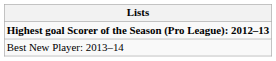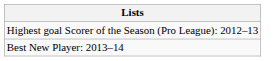 <table class="wikitable">
 <tr>
 <th>Lists</th>
 </tr>
 <tr>
-<td><strong>Highest goal Scorer of the Season (Pro League): 2012–13</strong></td>
+<td>Highest goal Scorer of the Season (Pro League): 2012–13</td>
 </tr>
 <tr>
 <td>Best New Player: 2013–14</td>
 </tr>
 </table>
